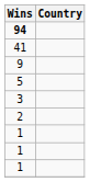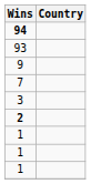 <table class="wikitable">
 <tr>
 <th>Wins</th>
 <th>Country</th>
 </tr>
 <tr>
 <td align=center><strong>94</strong></td>
 <td></td>
 </tr>
 <tr>
-<td align=center>41</td>
+<td align=center>93</td>
 <td></td>
 </tr>
 <tr>
 <td align=center>9</td>
 <td></td>
 </tr>
 <tr>
-<td align=center>5</td>
+<td align=center>7</td>
 <td></td>
 </tr>
 <tr>
 <td align=center>3</td>
 <td></td>
 </tr>
 <tr>
-<td align=center>2</td>
+<td align=center><strong>2</strong></td>
 <td></td>
 </tr>
 <tr>
 <td align=center>1</td>
 <td></td>
 </tr>
 <tr>
 <td align=center>1</td>
 <td></td>
 </tr>
 <tr>
 <td align=center>1</td>
 <td></td>
 </tr>
 <tr>
 </tr>
 </table>
